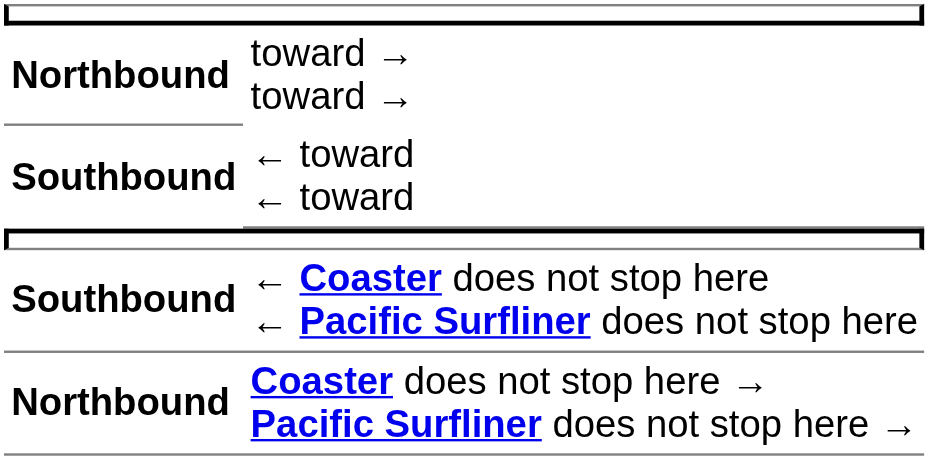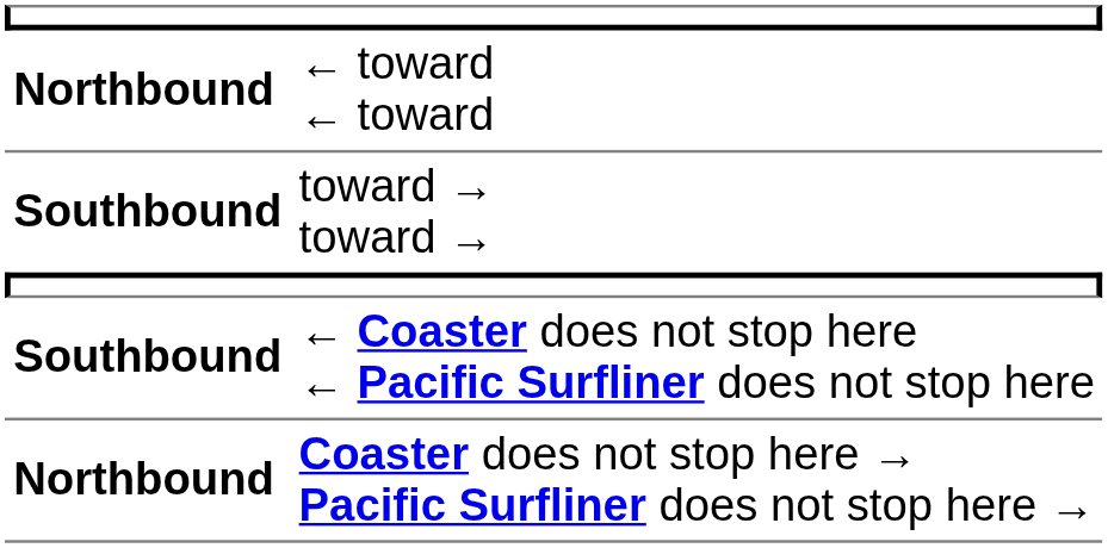 <table table border=0 cellspacing=0 cellpadding=3>
 <tr>
 <td style="border-top:solid 1px gray;border-bottom:solid 1px gray;border-right:solid 2px black;border-left:solid 2px black;border-bottom:solid 2px black;text-align:center;" colspan=2></td>
 </tr>
 <tr>
 <td style="border-bottom:solid 1px gray;"><strong>Northbound</strong></td>
-<td style="border-bottom:solid 0px gray;"> <strong></strong> toward   →<br> <strong></strong> toward   →</td>
+<td style="border-bottom:solid 1px gray;">← <strong></strong> toward  <br>← <strong></strong> toward  </td>
 </tr>
 <tr>
 <td style="border-bottom:solid 0px gray;"><strong>Southbound</strong></td>
-<td style="border-bottom:solid 1px gray;">← <strong></strong> toward  <br>← <strong></strong> toward  </td>
+<td style="border-bottom:solid 0px gray;"> <strong></strong> toward   →<br> <strong></strong> toward   →</td>
 </tr>
 <tr>
 <td style="border-top:solid 2px black;border-right:solid 2px black;border-left:solid 2px black;border-bottom:solid 1px gray;text-align:center;" colspan=2></td>
 </tr>
 <tr>
 <td style="border-bottom:solid 1px gray;"><strong>Southbound</strong></td>
 <td style="border-bottom:solid 1px gray;">←  <strong><a href='#'>Coaster</a></strong> does not stop here<br>←  <strong><a href='#'>Pacific Surfliner</a></strong> does not stop here</td>
 </tr>
 <tr>
 <td style="border-bottom:solid 1px gray;"><strong>Northbound</strong></td>
 <td style="border-bottom:solid 1px gray;">  <strong><a href='#'>Coaster</a></strong> does not stop here →<br>  <strong><a href='#'>Pacific Surfliner</a></strong> does not stop here →</td>
 </tr>
 </table>
